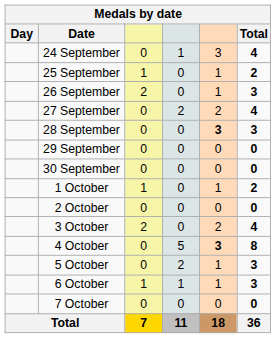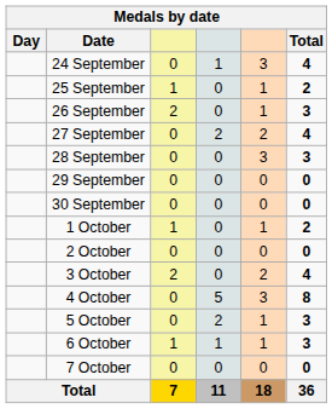 <table class=wikitable style="font-size:85%; text-align:center;float:right;clear:right;margin-left:1em;">
 <tr>
 <th colspan=6>Medals by date</th>
 </tr>
 <tr>
 <th width=30><strong>Day</strong></th>
 <th width=90><strong>Date</strong></th>
 <th width=35 style="background:#F7F6A8;"></th>
 <th width=35 style="background:#DCE5E5;"></th>
 <th width=35 style="background:#FFDAB9;"></th>
 <th width=30><strong>Total</strong></th>
 </tr>
 <tr>
 <td></td>
 <td>24 September</td>
 <td style="background:#F7F6A8;">0</td>
 <td style="background:#DCE5E5;">1</td>
 <td style="background:#FFDAB9;">3</td>
 <td><strong>4</strong></td>
 </tr>
 <tr>
 <td></td>
 <td>25 September</td>
 <td style="background:#F7F6A8;">1</td>
 <td style="background:#DCE5E5;">0</td>
 <td style="background:#FFDAB9;">1</td>
 <td><strong>2</strong></td>
 </tr>
 <tr>
 <td></td>
 <td>26 September</td>
 <td style="background:#F7F6A8;">2</td>
 <td style="background:#DCE5E5;">0</td>
 <td style="background:#FFDAB9;">1</td>
 <td><strong>3</strong></td>
 </tr>
 <tr>
 <td></td>
 <td>27 September</td>
 <td style="background:#F7F6A8;">0</td>
 <td style="background:#DCE5E5;">2</td>
 <td style="background:#FFDAB9;">2</td>
 <td><strong>4</strong></td>
 </tr>
 <tr>
 <td></td>
 <td>28 September</td>
 <td style="background:#F7F6A8;">0</td>
 <td style="background:#DCE5E5;">0</td>
-<td style="background:#FFDAB9;"><strong>3</strong></td>
+<td style="background:#FFDAB9;">3</td>
 <td><strong>3</strong></td>
 </tr>
 <tr>
 <td></td>
 <td>29 September</td>
 <td style="background:#F7F6A8;">0</td>
 <td style="background:#DCE5E5;">0</td>
 <td style="background:#FFDAB9;">0</td>
 <td><strong>0</strong></td>
 </tr>
 <tr>
 <td></td>
 <td>30 September</td>
 <td style="background:#F7F6A8;">0</td>
 <td style="background:#DCE5E5;">0</td>
 <td style="background:#FFDAB9;">0</td>
 <td><strong>0</strong></td>
 </tr>
 <tr>
 <td></td>
 <td>1 October</td>
 <td style="background:#F7F6A8;">1</td>
 <td style="background:#DCE5E5;">0</td>
 <td style="background:#FFDAB9;">1</td>
 <td><strong>2</strong></td>
 </tr>
 <tr>
 <td></td>
 <td>2 October</td>
 <td style="background:#F7F6A8;">0</td>
 <td style="background:#DCE5E5;">0</td>
 <td style="background:#FFDAB9;">0</td>
 <td><strong>0</strong></td>
 </tr>
 <tr>
 <td></td>
 <td>3 October</td>
 <td style="background:#F7F6A8;">2</td>
 <td style="background:#DCE5E5;">0</td>
 <td style="background:#FFDAB9;">2</td>
 <td><strong>4</strong></td>
 </tr>
 <tr>
 <td></td>
 <td>4 October</td>
 <td style="background:#F7F6A8;">0</td>
 <td style="background:#DCE5E5;">5</td>
-<td style="background:#FFDAB9;"><strong>3</strong></td>
+<td style="background:#FFDAB9;">3</td>
 <td><strong>8</strong></td>
 </tr>
 <tr>
 <td></td>
 <td>5 October</td>
 <td style="background:#F7F6A8;">0</td>
 <td style="background:#DCE5E5;">2</td>
 <td style="background:#FFDAB9;">1</td>
 <td><strong>3</strong></td>
 </tr>
 <tr>
 <td></td>
 <td>6 October</td>
 <td style="background:#F7F6A8;">1</td>
 <td style="background:#DCE5E5;">1</td>
 <td style="background:#FFDAB9;">1</td>
 <td><strong>3</strong></td>
 </tr>
 <tr>
 <td></td>
 <td>7 October</td>
 <td style="background:#F7F6A8;">0</td>
 <td style="background:#DCE5E5;">0</td>
 <td style="background:#FFDAB9;">0</td>
 <td><strong>0</strong></td>
 </tr>
 <tr>
 <th colspan="2">Total</th>
 <th style=background:gold>7</th>
 <th style=background:silver>11</th>
 <th style=background:#c96>18</th>
 <th>36</th>
 </tr>
 </table>
